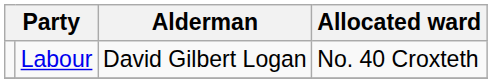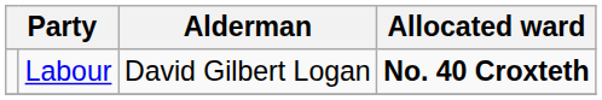 <table class="wikitable">
 <tr>
 <th colspan="2">Party</th>
 <th>Alderman</th>
 <th>Allocated ward</th>
 </tr>
 <tr>
 <td style="background-color:"></td>
 <td><a href='#'>Labour</a></td>
 <td>David Gilbert Logan</td>
-<td>No. 40 Croxteth</td>
+<td><strong>No. 40 Croxteth</strong></td>
 </tr>
 <tr>
 </tr>
 </table>
